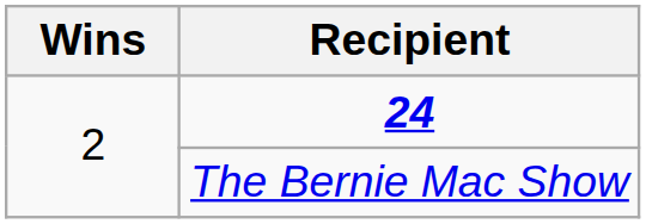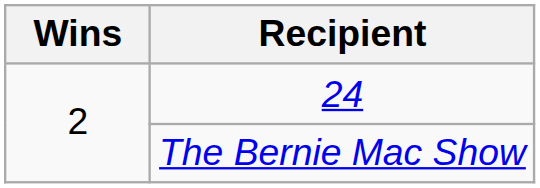 <table class="wikitable sortable" style="text-align: center">
 <tr>
 <th scope="col" style="width:55px;">Wins</th>
 <th scope="col" style="text-align:center;">Recipient</th>
 </tr>
 <tr>
 <td rowspan=2 style="text-align:center">2</td>
-<td><strong><em><a href='#'>24</a></em></strong></td>
+<td><em><a href='#'>24</a></em></td>
 </tr>
 <tr>
 <td><em><a href='#'>The Bernie Mac Show</a></em></td>
 </tr>
 </table>
